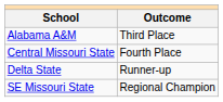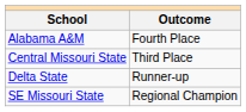 <table class="wikitable" style="float:left; margin-right:1em;">
 <tr>
 <th colspan="3" style="background:#ffdead;"></th>
 </tr>
 <tr>
 <th>School</th>
 <th>Outcome</th>
 </tr>
 <tr>
 <td><a href='#'>Alabama A&M</a></td>
-<td>Third Place</td>
+<td>Fourth Place</td>
 </tr>
 <tr>
 <td><a href='#'>Central Missouri State</a></td>
-<td>Fourth Place</td>
+<td>Third Place</td>
 </tr>
 <tr>
 <td><a href='#'>Delta State</a></td>
 <td>Runner-up</td>
 </tr>
 <tr>
 <td><a href='#'>SE Missouri State</a></td>
 <td>Regional Champion</td>
 </tr>
 </table>
